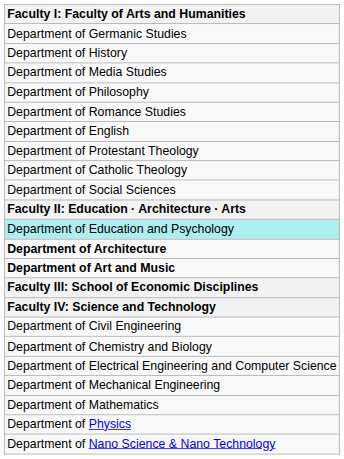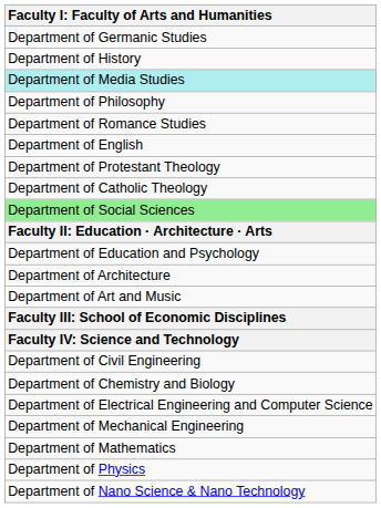 <table class="wikitable">
 <tr>
 <th style="text-align:left">Faculty I: Faculty of Arts and Humanities</th>
 </tr>
 <tr>
 <td>Department of Germanic Studies</td>
 </tr>
 <tr>
 <td>Department of History</td>
 </tr>
 <tr>
-<td>Department of Media Studies</td>
+<td style="background: paleturquoise;">Department of Media Studies</td>
 </tr>
 <tr>
 <td>Department of Philosophy</td>
 </tr>
 <tr>
 <td>Department of Romance Studies</td>
 </tr>
 <tr>
 <td>Department of English</td>
 </tr>
 <tr>
 <td>Department of Protestant Theology</td>
 </tr>
 <tr>
 <td>Department of Catholic Theology</td>
 </tr>
 <tr>
-<td>Department of Social Sciences</td>
+<td style="background: lightgreen;">Department of Social Sciences</td>
 </tr>
 <tr>
 <th style="text-align:left">Faculty II: Education · Architecture · Arts</th>
 </tr>
 <tr>
-<td style="background: paleturquoise;">Department of Education and Psychology</td>
+<td>Department of Education and Psychology</td>
 </tr>
 <tr>
-<td><strong>Department of Architecture</strong></td>
+<td>Department of Architecture</td>
 </tr>
 <tr>
-<td><strong>Department of Art and Music</strong></td>
+<td>Department of Art and Music</td>
 </tr>
 <tr>
 <th colspan="2" style="text-align:left">Faculty III: School of Economic Disciplines</th>
 </tr>
 <tr>
 <th colspan="2" style="text-align:left">Faculty IV: Science and Technology</th>
 </tr>
 <tr>
 <td>Department of Civil Engineering</td>
 </tr>
 <tr>
 <td>Department of Chemistry and Biology</td>
 </tr>
 <tr>
 <td>Department of Electrical Engineering and Computer Science</td>
 </tr>
 <tr>
 <td>Department of Mechanical Engineering</td>
 </tr>
 <tr>
 <td>Department of Mathematics</td>
 </tr>
 <tr>
 <td>Department of <a href='#'>Physics</a></td>
 </tr>
 <tr>
 <td>Department of <a href='#'>Nano Science & Nano Technology</a></td>
 </tr>
 </table>
